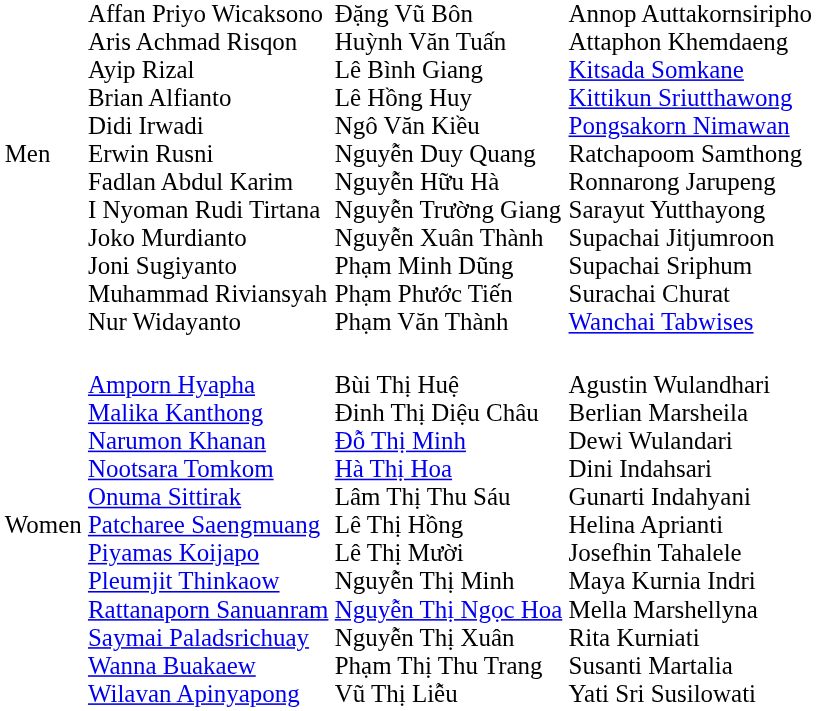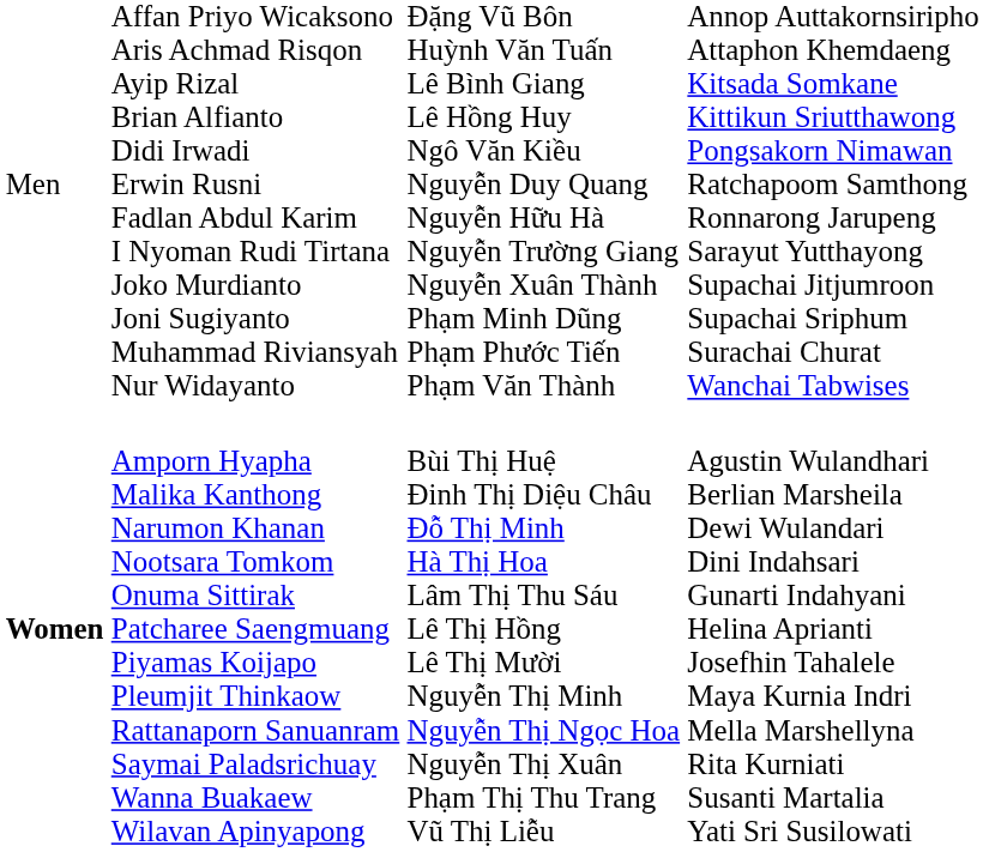 <table>
 <tr>
 <td>Men</td>
 <td><br>Affan Priyo Wicaksono<br>Aris Achmad Risqon<br>Ayip Rizal<br>Brian Alfianto<br>Didi Irwadi<br>Erwin Rusni<br>Fadlan Abdul Karim<br>I Nyoman Rudi Tirtana<br>Joko Murdianto<br>Joni Sugiyanto<br>Muhammad Riviansyah<br>Nur Widayanto</td>
 <td><br>Đặng Vũ Bôn<br>Huỳnh Văn Tuấn<br>Lê Bình Giang<br>Lê Hồng Huy<br>Ngô Văn Kiều<br>Nguyễn Duy Quang<br>Nguyễn Hữu Hà<br>Nguyễn Trường Giang<br>Nguyễn Xuân Thành<br>Phạm Minh Dũng<br>Phạm Phước Tiến<br>Phạm Văn Thành</td>
 <td nowrap=true><br>Annop Auttakornsiripho<br>Attaphon Khemdaeng<br><a href='#'>Kitsada Somkane</a><br><a href='#'>Kittikun Sriutthawong</a><br><a href='#'>Pongsakorn Nimawan</a><br>Ratchapoom Samthong<br>Ronnarong Jarupeng<br>Sarayut Yutthayong<br>Supachai Jitjumroon<br>Supachai Sriphum<br>Surachai Churat<br><a href='#'>Wanchai Tabwises</a></td>
 </tr>
 <tr>
-<td>Women</td>
+<td><strong>Women</strong></td>
 <td nowrap=true><br><a href='#'>Amporn Hyapha</a><br><a href='#'>Malika Kanthong</a><br><a href='#'>Narumon Khanan</a><br><a href='#'>Nootsara Tomkom</a><br><a href='#'>Onuma Sittirak</a><br><a href='#'>Patcharee Saengmuang</a><br><a href='#'>Piyamas Koijapo</a><br><a href='#'>Pleumjit Thinkaow</a><br><a href='#'>Rattanaporn Sanuanram</a><br><a href='#'>Saymai Paladsrichuay</a><br><a href='#'>Wanna Buakaew</a><br><a href='#'>Wilavan Apinyapong</a></td>
 <td nowrap=true><br>Bùi Thị Huệ<br>Đinh Thị Diệu Châu<br><a href='#'>Đỗ Thị Minh</a><br><a href='#'>Hà Thị Hoa</a><br>Lâm Thị Thu Sáu<br>Lê Thị Hồng<br>Lê Thị Mười<br>Nguyễn Thị Minh<br><a href='#'>Nguyễn Thị Ngọc Hoa</a><br>Nguyễn Thị Xuân<br>Phạm Thị Thu Trang<br>Vũ Thị Liễu</td>
 <td><br>Agustin Wulandhari<br>Berlian Marsheila<br>Dewi Wulandari<br>Dini Indahsari<br>Gunarti Indahyani<br>Helina Aprianti<br>Josefhin Tahalele<br>Maya Kurnia Indri<br>Mella Marshellyna<br>Rita Kurniati<br>Susanti Martalia<br>Yati Sri Susilowati</td>
 </tr>
 </table>
